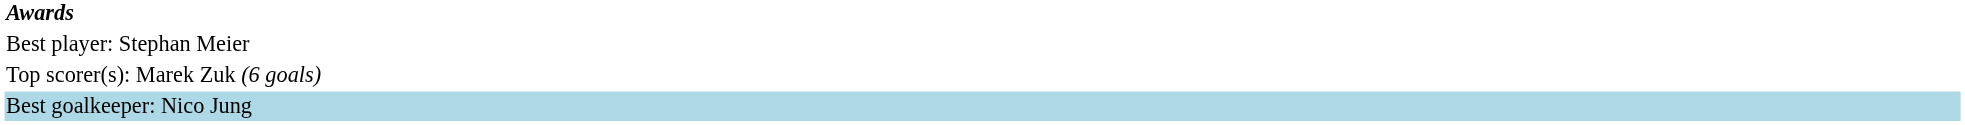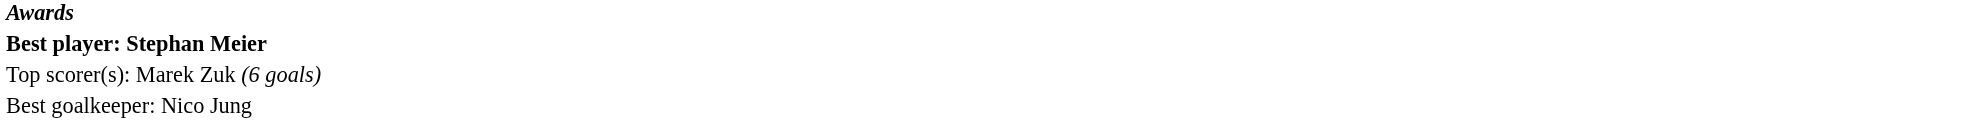 <table width=100% cellspacing=1 style="font-size: 90%;">
 <tr>
 <td><strong><em>Awards</em></strong></td>
 </tr>
 <tr>
-<td>Best player:  Stephan Meier</td>
+<td><strong>Best player:  Stephan Meier</strong></td>
 </tr>
 <tr>
 <td colspan=4>Top scorer(s):  Marek Zuk <em>(6 goals)</em></td>
 </tr>
 <tr>
-<td style="background: lightblue;">Best goalkeeper:  Nico Jung</td>
+<td>Best goalkeeper:  Nico Jung</td>
 </tr>
 </table>
